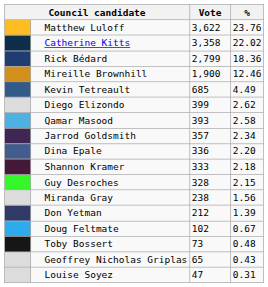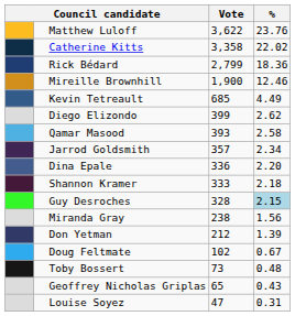 <table class="wikitable">
 <tr>
 <th bgcolor="#DDDDFF" width="230px" colspan="2">Council candidate</th>
 <th bgcolor="#DDDDFF" width="50px">Vote</th>
 <th bgcolor="#DDDDFF" width="30px">%</th>
 </tr>
 <tr>
 <td bgcolor=#FDBC20 width="30px"> </td>
 <td>  Matthew Luloff</td>
 <td>3,622</td>
 <td>23.76</td>
 </tr>
 <tr>
 <td bgcolor=#0E2E47 width="30px"> </td>
 <td>  <a href='#'>Catherine Kitts</a></td>
 <td>3,358</td>
 <td>22.02</td>
 </tr>
 <tr>
 <td bgcolor=#1F3C73 width="30px"> </td>
 <td>  Rick Bédard</td>
 <td>2,799</td>
 <td>18.36</td>
 </tr>
 <tr>
 <td bgcolor=#D28F1B width="30px"> </td>
 <td>  Mireille Brownhill</td>
 <td>1,900</td>
 <td>12.46</td>
 </tr>
 <tr>
 <td bgcolor=#335B8A width="30px"> </td>
 <td>  Kevin Tetreault</td>
 <td>685</td>
 <td>4.49</td>
 </tr>
 <tr>
 <td bgcolor=#DCDCDC width="30px"> </td>
 <td>  Diego Elizondo</td>
 <td>399</td>
 <td>2.62</td>
 </tr>
 <tr>
 <td bgcolor=#4FB1E2 width="30px"> </td>
 <td>  Qamar Masood</td>
 <td>393</td>
 <td>2.58</td>
 </tr>
 <tr>
 <td bgcolor=#3F2654 width="30px"> </td>
 <td>  Jarrod Goldsmith</td>
 <td>357</td>
 <td>2.34</td>
 </tr>
 <tr>
 <td bgcolor=#415C8D width="30px"> </td>
 <td>  Dina Epale</td>
 <td>336</td>
 <td>2.20</td>
 </tr>
 <tr>
 <td bgcolor=#441839 width="30px"> </td>
 <td>  Shannon Kramer</td>
 <td>333</td>
 <td>2.18</td>
 </tr>
 <tr>
 <td bgcolor=#33F728 width="30px"> </td>
 <td>  Guy Desroches</td>
 <td>328</td>
-<td>2.15</td>
+<td style="background: lightblue;">2.15</td>
 </tr>
 <tr>
 <td bgcolor=#DCDCDC width="30px"> </td>
 <td>  Miranda Gray</td>
 <td>238</td>
 <td>1.56</td>
 </tr>
 <tr>
 <td bgcolor=#313967 width="30px"> </td>
 <td>  Don Yetman</td>
 <td>212</td>
 <td>1.39</td>
 </tr>
 <tr>
 <td bgcolor=#2EAAEF width="30px"> </td>
 <td>  Doug Feltmate</td>
 <td>102</td>
 <td>0.67</td>
 </tr>
 <tr>
 <td bgcolor=#161616 width="30px"> </td>
 <td>  Toby Bossert</td>
 <td>73</td>
 <td>0.48</td>
 </tr>
 <tr>
 <td bgcolor=#DCDCDC width="30px"> </td>
 <td>  Geoffrey Nicholas Griplas</td>
 <td>65</td>
 <td>0.43</td>
 </tr>
 <tr>
 <td bgcolor=#DCDCDC width="30px"> </td>
 <td>  Louise Soyez</td>
 <td>47</td>
 <td>0.31</td>
 </tr>
 </table>
